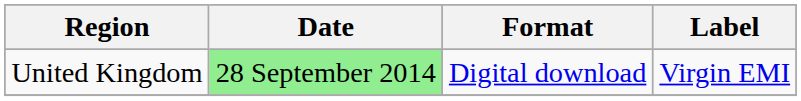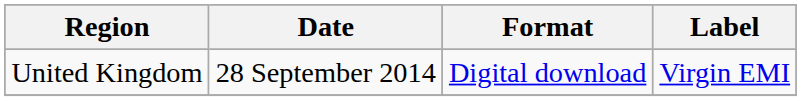 <table class=wikitable>
 <tr>
 <th>Region</th>
 <th>Date</th>
 <th>Format</th>
 <th>Label</th>
 </tr>
 <tr>
 <td>United Kingdom</td>
-<td style="background: lightgreen;">28 September 2014</td>
+<td>28 September 2014</td>
 <td><a href='#'>Digital download</a></td>
 <td><a href='#'>Virgin EMI</a></td>
 </tr>
 <tr>
 </tr>
 </table>
